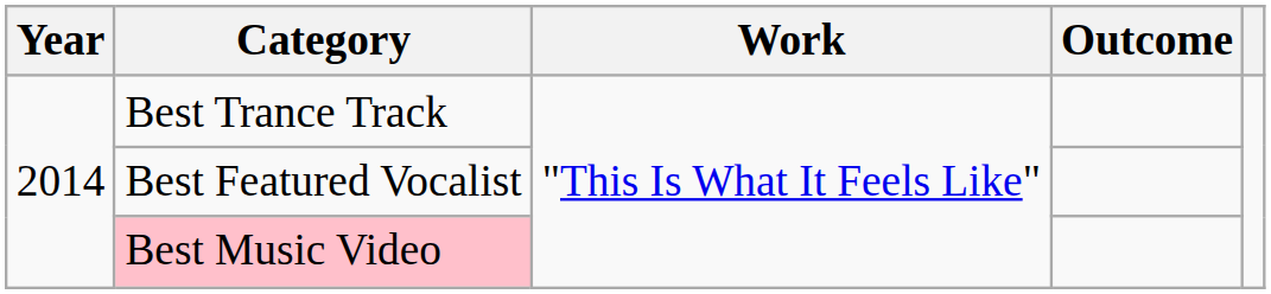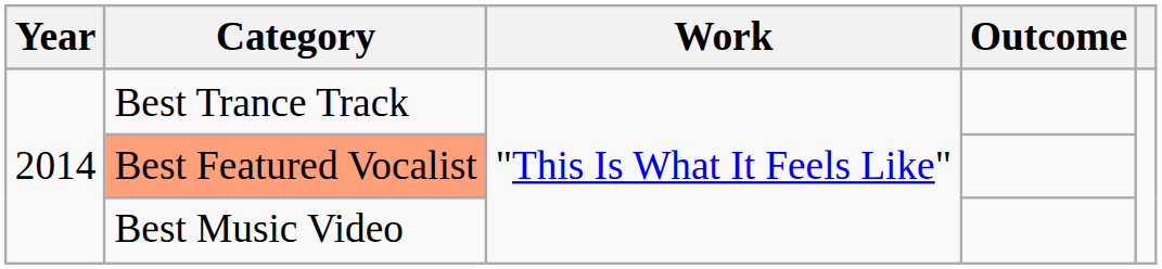 <table class="wikitable Sortable">
 <tr>
 <th>Year</th>
 <th>Category</th>
 <th>Work</th>
 <th>Outcome</th>
 <th></th>
 </tr>
 <tr>
 <td rowspan="3">2014</td>
 <td>Best Trance Track</td>
 <td rowspan="3">"<a href='#'>This Is What It Feels Like</a>"</td>
 <td></td>
 <td rowspan="3"></td>
 </tr>
 <tr>
-<td>Best Featured Vocalist</td>
+<td style="background: lightsalmon;">Best Featured Vocalist</td>
 <td></td>
 </tr>
 <tr>
-<td style="background: pink;">Best Music Video</td>
+<td>Best Music Video</td>
 <td></td>
 </tr>
 </table>
